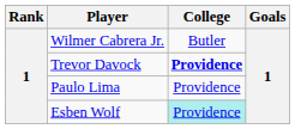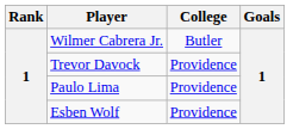 <table class="wikitable" style="text-align:center">
 <tr>
 <th>Rank</th>
 <th>Player</th>
 <th>College</th>
 <th>Goals</th>
 </tr>
 <tr>
 <th rowspan="4">1</th>
 <td align="left"> <a href='#'>Wilmer Cabrera Jr.</a></td>
 <td><a href='#'>Butler</a></td>
 <th rowspan="4">1</th>
 </tr>
 <tr>
 <td align="left"> <a href='#'>Trevor Davock</a></td>
-<td><strong><a href='#'>Providence</a></strong></td>
+<td><a href='#'>Providence</a></td>
 </tr>
 <tr>
 <td align="left"> <a href='#'>Paulo Lima</a></td>
 <td><a href='#'>Providence</a></td>
 </tr>
 <tr>
 <td align="left"> <a href='#'>Esben Wolf</a></td>
-<td style="background: paleturquoise;"><a href='#'>Providence</a></td>
+<td><a href='#'>Providence</a></td>
 </tr>
 </table>
